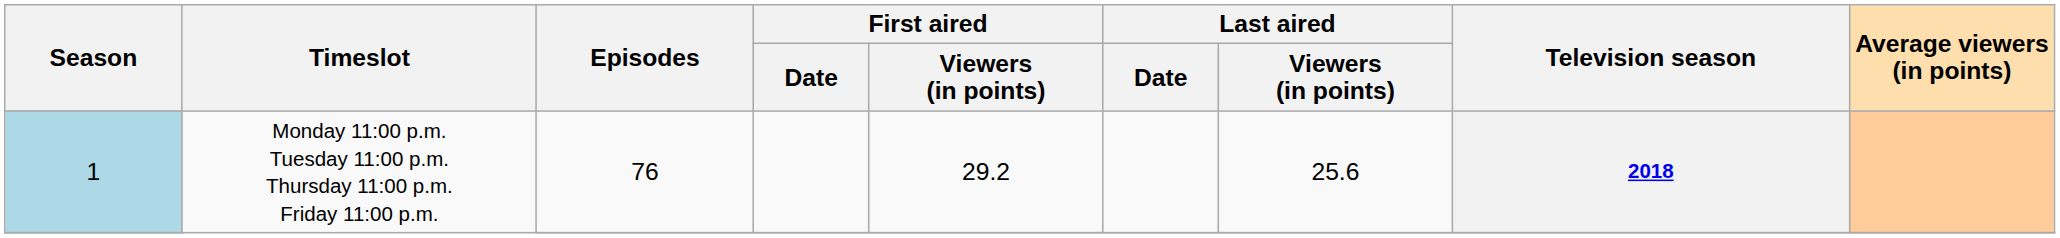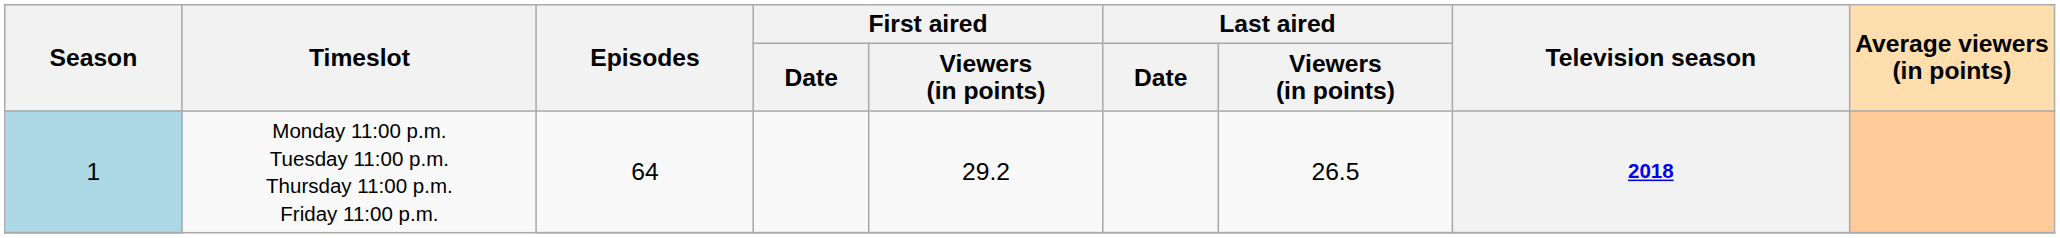 <table class="wikitable" style="text-align: center">
 <tr>
 <th scope="col" rowspan="2">Season</th>
 <th scope="col" rowspan="2">Timeslot</th>
 <th scope="col" rowspan="2">Episodes</th>
 <th scope="col" colspan="2">First aired</th>
 <th scope="col" colspan="2">Last aired</th>
 <th scope="col" rowspan="2">Television season</th>
 <th style="width:10%; background:#ffdead;" rowspan="2">Average viewers<br>(in points)</th>
 </tr>
 <tr>
 <th scope="col">Date</th>
 <th scope="col">Viewers<br>(in points)</th>
 <th scope="col">Date</th>
 <th scope="col">Viewers<br>(in points)</th>
 </tr>
 <tr>
 <td rowspan="1" style="background: lightblue;">1</td>
 <td rowspan="2"><small>Monday 11:00 p.m.</small><br><small>Tuesday 11:00 p.m.</small><br><small>Thursday 11:00 p.m.</small><br><small>Friday 11:00 p.m.</small></td>
-<td>76</td>
+<td>64</td>
 <td></td>
 <td>29.2</td>
 <td></td>
-<td>25.6</td>
+<td>26.5</td>
 <th style="font-size:smaller"><a href='#'>2018</a></th>
 <th style="background:#fc9;">  </th>
 </tr>
 <tr>
 </tr>
 </table>
